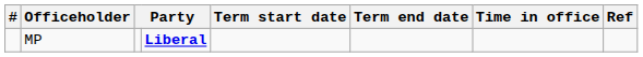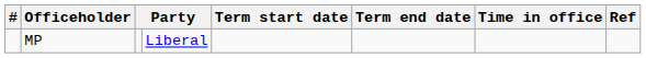 <table class='wikitable sortable'>
 <tr>
 <th>#</th>
 <th>Officeholder</th>
 <th colspan="2">Party</th>
 <th>Term start date</th>
 <th>Term end date</th>
 <th>Time in office</th>
 <th class="unsortable">Ref</th>
 </tr>
 <tr>
 <td align=center></td>
 <td> MP</td>
 <td></td>
-<td><strong><a href='#'>Liberal</a></strong></td>
+<td><a href='#'>Liberal</a></td>
 <td align=center></td>
 <td align=center></td>
 <td align=right></td>
 <td></td>
 </tr>
 </table>
